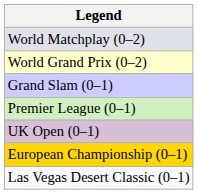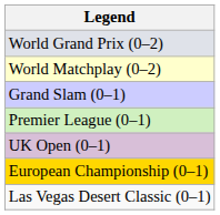 <table class="wikitable">
 <tr>
 <th>Legend</th>
 </tr>
 <tr style="background:#dfe2e9;">
-<td>World Matchplay (0–2)</td>
+<td>World Grand Prix (0–2)</td>
 </tr>
 <tr style="background:#ffc;">
-<td>World Grand Prix (0–2)</td>
+<td>World Matchplay (0–2)</td>
 </tr>
 <tr style="background:#ccf;">
 <td>Grand Slam (0–1)</td>
 </tr>
 <tr style="background:#d0f0c0;">
 <td>Premier League (0–1)</td>
 </tr>
 <tr style="background:thistle">
 <td>UK Open (0–1)</td>
 </tr>
 <tr style="background:gold;">
 <td>European Championship (0–1)</td>
 </tr>
 <tr>
 <td>Las Vegas Desert Classic (0–1)</td>
 </tr>
 </table>
